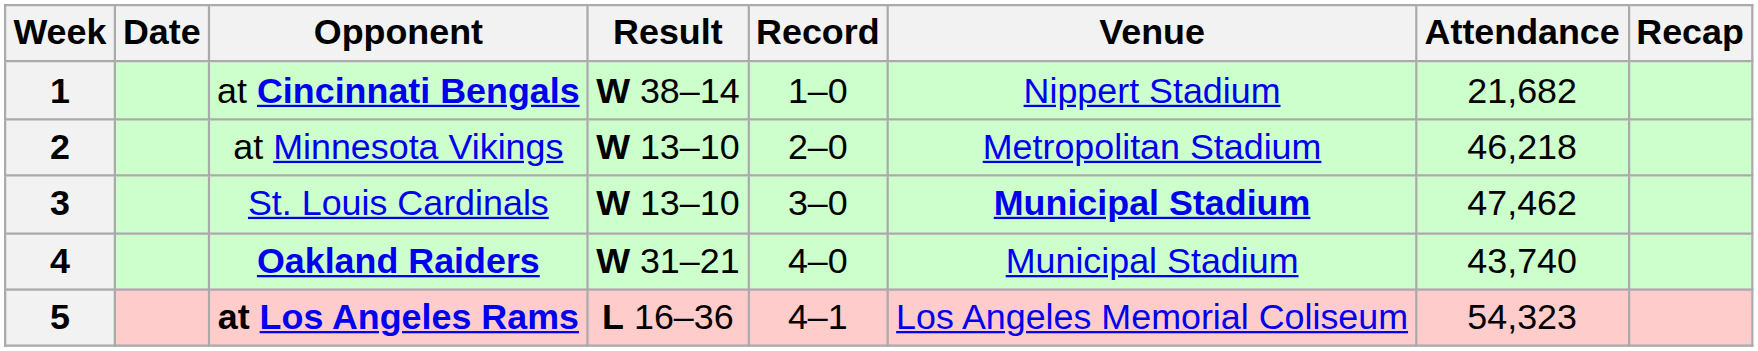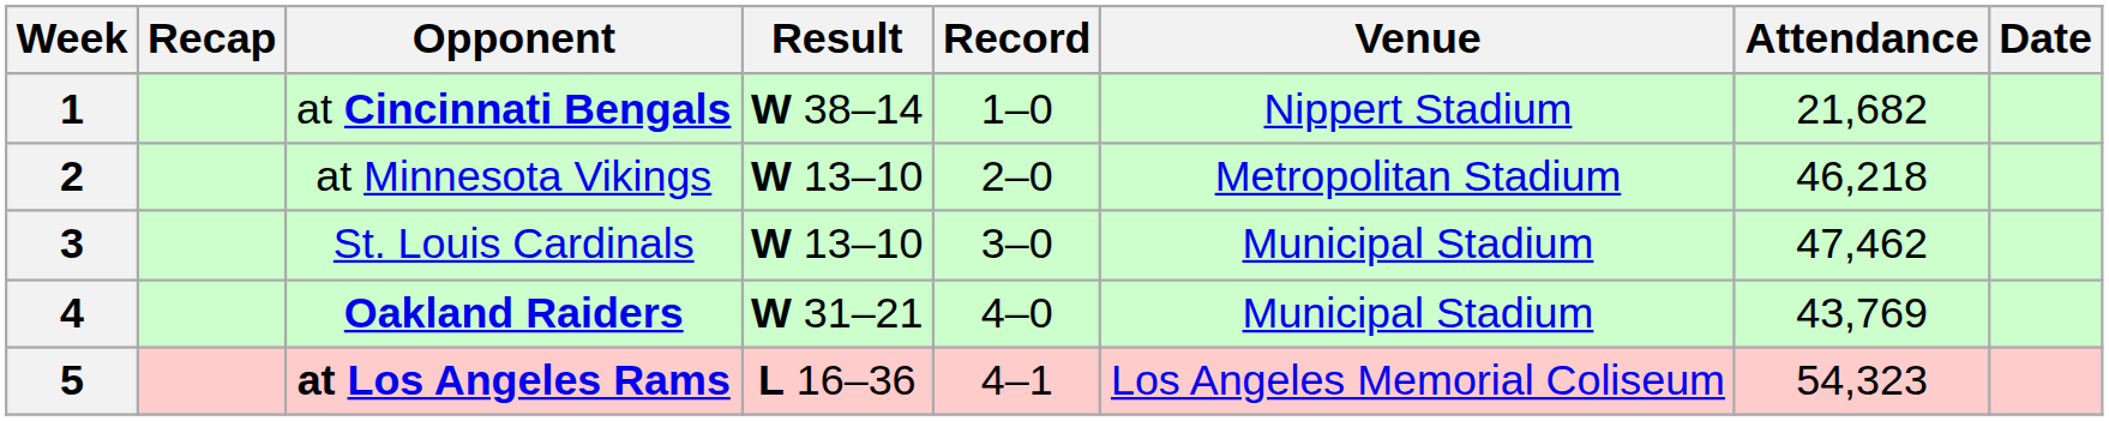 <table class="wikitable" style="text-align:center">
 <tr>
 <th>Week</th>
-<th>Date</th>
+<th>Recap</th>
 <th>Opponent</th>
 <th>Result</th>
 <th>Record</th>
 <th>Venue</th>
 <th>Attendance</th>
-<th>Recap</th>
+<th>Date</th>
 </tr>
 <tr style="background:#cfc">
 <th>1</th>
 <td></td>
 <td>at <strong><a href='#'>Cincinnati Bengals</a></strong></td>
 <td><strong>W</strong> 38–14</td>
 <td>1–0</td>
 <td><a href='#'>Nippert Stadium</a></td>
 <td>21,682</td>
 <td></td>
 </tr>
 <tr style="background:#cfc">
 <th>2</th>
 <td></td>
 <td>at <a href='#'>Minnesota Vikings</a></td>
 <td><strong>W</strong> 13–10</td>
 <td>2–0</td>
 <td><a href='#'>Metropolitan Stadium</a></td>
 <td>46,218</td>
 <td></td>
 </tr>
 <tr style="background:#cfc">
 <th>3</th>
 <td></td>
 <td><a href='#'>St. Louis Cardinals</a></td>
 <td><strong>W</strong> 13–10</td>
 <td>3–0</td>
-<td><strong><a href='#'>Municipal Stadium</a></strong></td>
+<td><a href='#'>Municipal Stadium</a></td>
 <td>47,462</td>
 <td></td>
 </tr>
 <tr style="background:#cfc">
 <th>4</th>
 <td></td>
 <td><strong><a href='#'>Oakland Raiders</a></strong></td>
 <td><strong>W</strong> 31–21</td>
 <td>4–0</td>
 <td><a href='#'>Municipal Stadium</a></td>
-<td>43,740</td>
+<td>43,769</td>
 <td></td>
 </tr>
 <tr style="background:#fcc">
 <th>5</th>
 <td></td>
 <td><strong>at <a href='#'>Los Angeles Rams</a></strong></td>
 <td><strong>L</strong> 16–36</td>
 <td>4–1</td>
 <td><a href='#'>Los Angeles Memorial Coliseum</a></td>
 <td>54,323</td>
 <td></td>
 </tr>
 </table>
